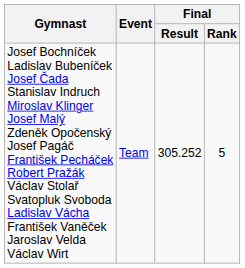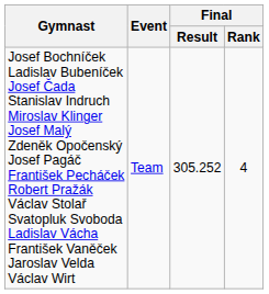 <table class=wikitable style="font-size:90%">
 <tr>
 <th rowspan=2>Gymnast</th>
 <th rowspan=2>Event</th>
 <th colspan=2>Final</th>
 </tr>
 <tr>
 <th>Result</th>
 <th>Rank</th>
 </tr>
 <tr>
 <td>Josef Bochníček <br> Ladislav Bubeníček <br> <a href='#'>Josef Čada</a> <br> Stanislav Indruch <br> <a href='#'>Miroslav Klinger</a> <br> <a href='#'>Josef Malý</a> <br> Zdeněk Opočenský <br> Josef Pagáč <br> <a href='#'>František Pecháček</a> <br> <a href='#'>Robert Pražák</a> <br> Václav Stolař <br> Svatopluk Svoboda <br> <a href='#'>Ladislav Vácha</a> <br> František Vaněček <br> Jaroslav Velda <br> Václav Wirt</td>
 <td><a href='#'>Team</a></td>
 <td align=center>305.252</td>
-<td align=center>5</td>
+<td align=center>4</td>
 </tr>
 </table>
